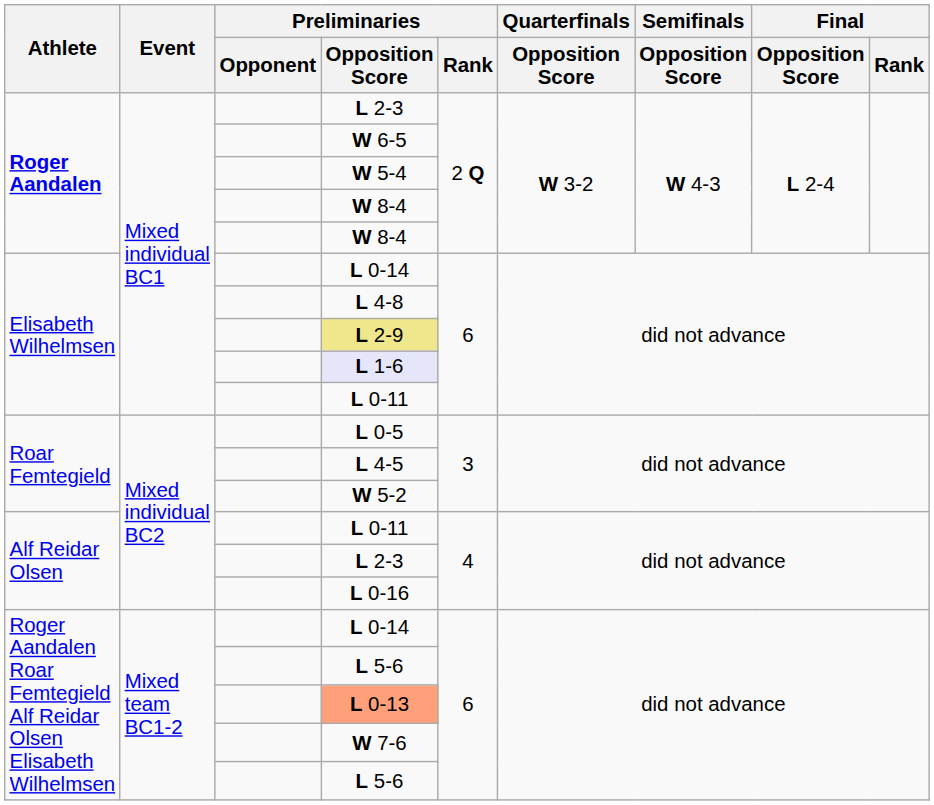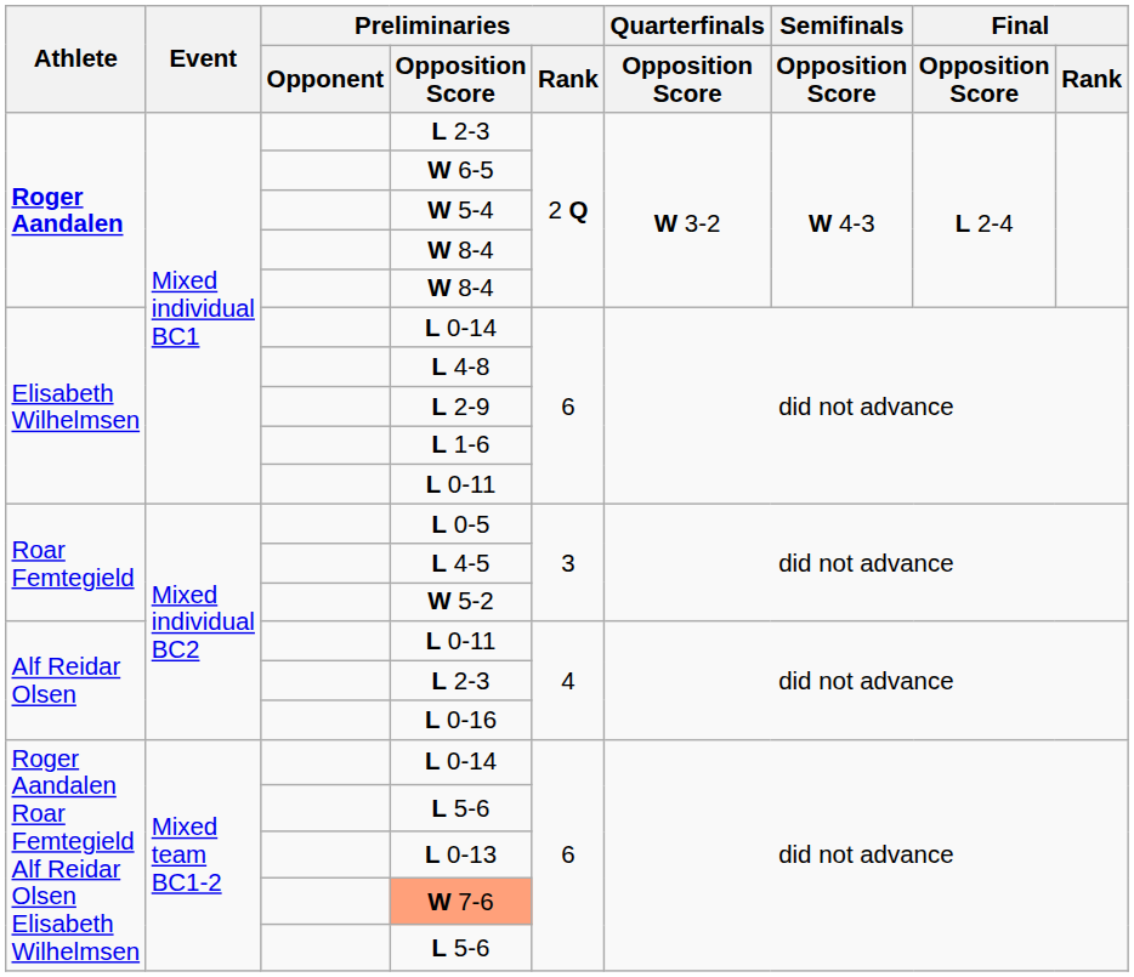 <table class=wikitable style="font-size:90%">
 <tr>
 <th rowspan="2">Athlete</th>
 <th rowspan="2">Event</th>
 <th colspan="3">Preliminaries</th>
 <th>Quarterfinals</th>
 <th>Semifinals</th>
 <th colspan="2">Final</th>
 </tr>
 <tr>
 <th>Opponent</th>
 <th>Opposition<br>Score</th>
 <th>Rank</th>
 <th>Opposition<br>Score</th>
 <th>Opposition<br>Score</th>
 <th>Opposition<br>Score</th>
 <th>Rank</th>
 </tr>
 <tr>
 <td rowspan="5"><strong><a href='#'>Roger Aandalen</a></strong></td>
 <td rowspan="10"><a href='#'>Mixed individual BC1</a></td>
 <td align="left"></td>
 <td align="center"><strong>L</strong> 2-3</td>
 <td align="center" rowspan="5">2 <strong>Q</strong></td>
 <td align="center" rowspan="5"><br><strong>W</strong> 3-2</td>
 <td align="center" rowspan="5"><br><strong>W</strong> 4-3</td>
 <td align="center" rowspan="5"><br><strong>L</strong> 2-4</td>
 <td align="center" rowspan="5"></td>
 </tr>
 <tr>
 <td align="left"></td>
 <td align="center"><strong>W</strong> 6-5</td>
 </tr>
 <tr>
 <td align="left"></td>
 <td align="center"><strong>W</strong> 5-4</td>
 </tr>
 <tr>
 <td align="left"></td>
 <td align="center"><strong>W</strong> 8-4</td>
 </tr>
 <tr>
 <td align="left"></td>
 <td align="center"><strong>W</strong> 8-4</td>
 </tr>
 <tr>
 <td rowspan="5"><a href='#'>Elisabeth Wilhelmsen</a></td>
 <td align="left"></td>
 <td align="center"><strong>L</strong> 0-14</td>
 <td align="center" rowspan="5">6</td>
 <td align="center" rowspan="5" colspan="4">did not advance</td>
 </tr>
 <tr>
 <td align="left"></td>
 <td align="center"><strong>L</strong> 4-8</td>
 </tr>
 <tr>
 <td align="left"></td>
-<td align="center" style="background: khaki;"><strong>L</strong> 2-9</td>
+<td align="center"><strong>L</strong> 2-9</td>
 </tr>
 <tr>
 <td align="left"></td>
-<td align="center" style="background: lavender;"><strong>L</strong> 1-6</td>
+<td align="center"><strong>L</strong> 1-6</td>
 </tr>
 <tr>
 <td align="left"></td>
 <td align="center"><strong>L</strong> 0-11</td>
 </tr>
 <tr>
 <td rowspan="3"><a href='#'>Roar Femtegield</a></td>
 <td rowspan="6"><a href='#'>Mixed individual BC2</a></td>
 <td align="left"></td>
 <td align="center"><strong>L</strong> 0-5</td>
 <td align="center" rowspan="3">3</td>
 <td align="center" rowspan="3" colspan="4">did not advance</td>
 </tr>
 <tr>
 <td align="left"></td>
 <td align="center"><strong>L</strong> 4-5</td>
 </tr>
 <tr>
 <td align="left"></td>
 <td align="center"><strong>W</strong> 5-2</td>
 </tr>
 <tr>
 <td rowspan="3"><a href='#'>Alf Reidar Olsen</a></td>
 <td align="left"></td>
 <td align="center"><strong>L</strong> 0-11</td>
 <td align="center" rowspan="3">4</td>
 <td align="center" rowspan="3" colspan="4">did not advance</td>
 </tr>
 <tr>
 <td align="left"></td>
 <td align="center"><strong>L</strong> 2-3</td>
 </tr>
 <tr>
 <td align="left"></td>
 <td align="center"><strong>L</strong> 0-16</td>
 </tr>
 <tr>
 <td rowspan="5"><a href='#'>Roger Aandalen</a><br> <a href='#'>Roar Femtegield</a><br> <a href='#'>Alf Reidar Olsen</a><br> <a href='#'>Elisabeth Wilhelmsen</a></td>
 <td rowspan="5"><a href='#'>Mixed team BC1-2</a></td>
 <td align="left"></td>
 <td align="center"><strong>L</strong> 0-14</td>
 <td align="center" rowspan="5">6</td>
 <td align="center" rowspan="5" colspan="4">did not advance</td>
 </tr>
 <tr>
 <td align="left"></td>
 <td align="center"><strong>L</strong> 5-6</td>
 </tr>
 <tr>
 <td align="left"></td>
-<td align="center" style="background: lightsalmon;"><strong>L</strong> 0-13</td>
+<td align="center"><strong>L</strong> 0-13</td>
 </tr>
 <tr>
 <td align="left"></td>
-<td align="center"><strong>W</strong> 7-6</td>
+<td align="center" style="background: lightsalmon;"><strong>W</strong> 7-6</td>
 </tr>
 <tr>
 <td align="left"></td>
 <td align="center"><strong>L</strong> 5-6</td>
 </tr>
 </table>
